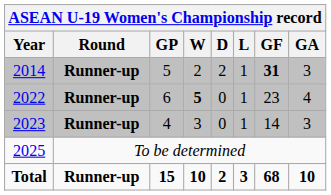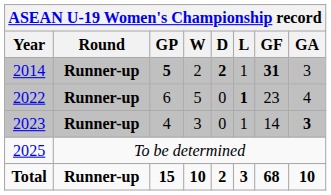 <table class="wikitable" style="text-align: center;font-size:95%;">
 <tr>
 <th colspan=8><a href='#'>ASEAN U-19 Women's Championship</a> record</th>
 </tr>
 <tr>
 <th>Year</th>
 <th>Round</th>
 <th>GP</th>
 <th>W</th>
 <th>D</th>
 <th>L</th>
 <th>GF</th>
 <th>GA</th>
 </tr>
 <tr bgcolor=silver>
 <td> <a href='#'>2014</a></td>
 <td><strong>Runner-up</strong></td>
-<td>5</td>
+<td><strong>5</strong></td>
 <td>2</td>
-<td>2</td>
+<td><strong>2</strong></td>
 <td>1</td>
 <td><strong>31</strong></td>
 <td>3</td>
 </tr>
 <tr bgcolor=silver>
 <td> <a href='#'>2022</a></td>
 <td><strong>Runner-up</strong></td>
 <td>6</td>
-<td><strong>5</strong></td>
+<td>5</td>
 <td>0</td>
-<td>1</td>
+<td><strong>1</strong></td>
 <td>23</td>
 <td>4</td>
 </tr>
 <tr bgcolor=silver>
 <td> <a href='#'>2023</a></td>
 <td><strong>Runner-up</strong></td>
 <td>4</td>
 <td>3</td>
 <td>0</td>
 <td>1</td>
 <td>14</td>
-<td>3</td>
+<td><strong>3</strong></td>
 </tr>
 <tr>
 <td> <a href='#'>2025</a></td>
 <td colspan="7"><em>To be determined</em></td>
 </tr>
 <tr>
 <td><strong>Total</strong></td>
 <td><strong>Runner-up<br></strong></td>
 <td><strong>15</strong></td>
 <td><strong>10</strong></td>
 <td><strong>2</strong></td>
 <td><strong>3</strong></td>
 <td><strong>68</strong></td>
 <td><strong>10</strong></td>
 </tr>
 </table>
